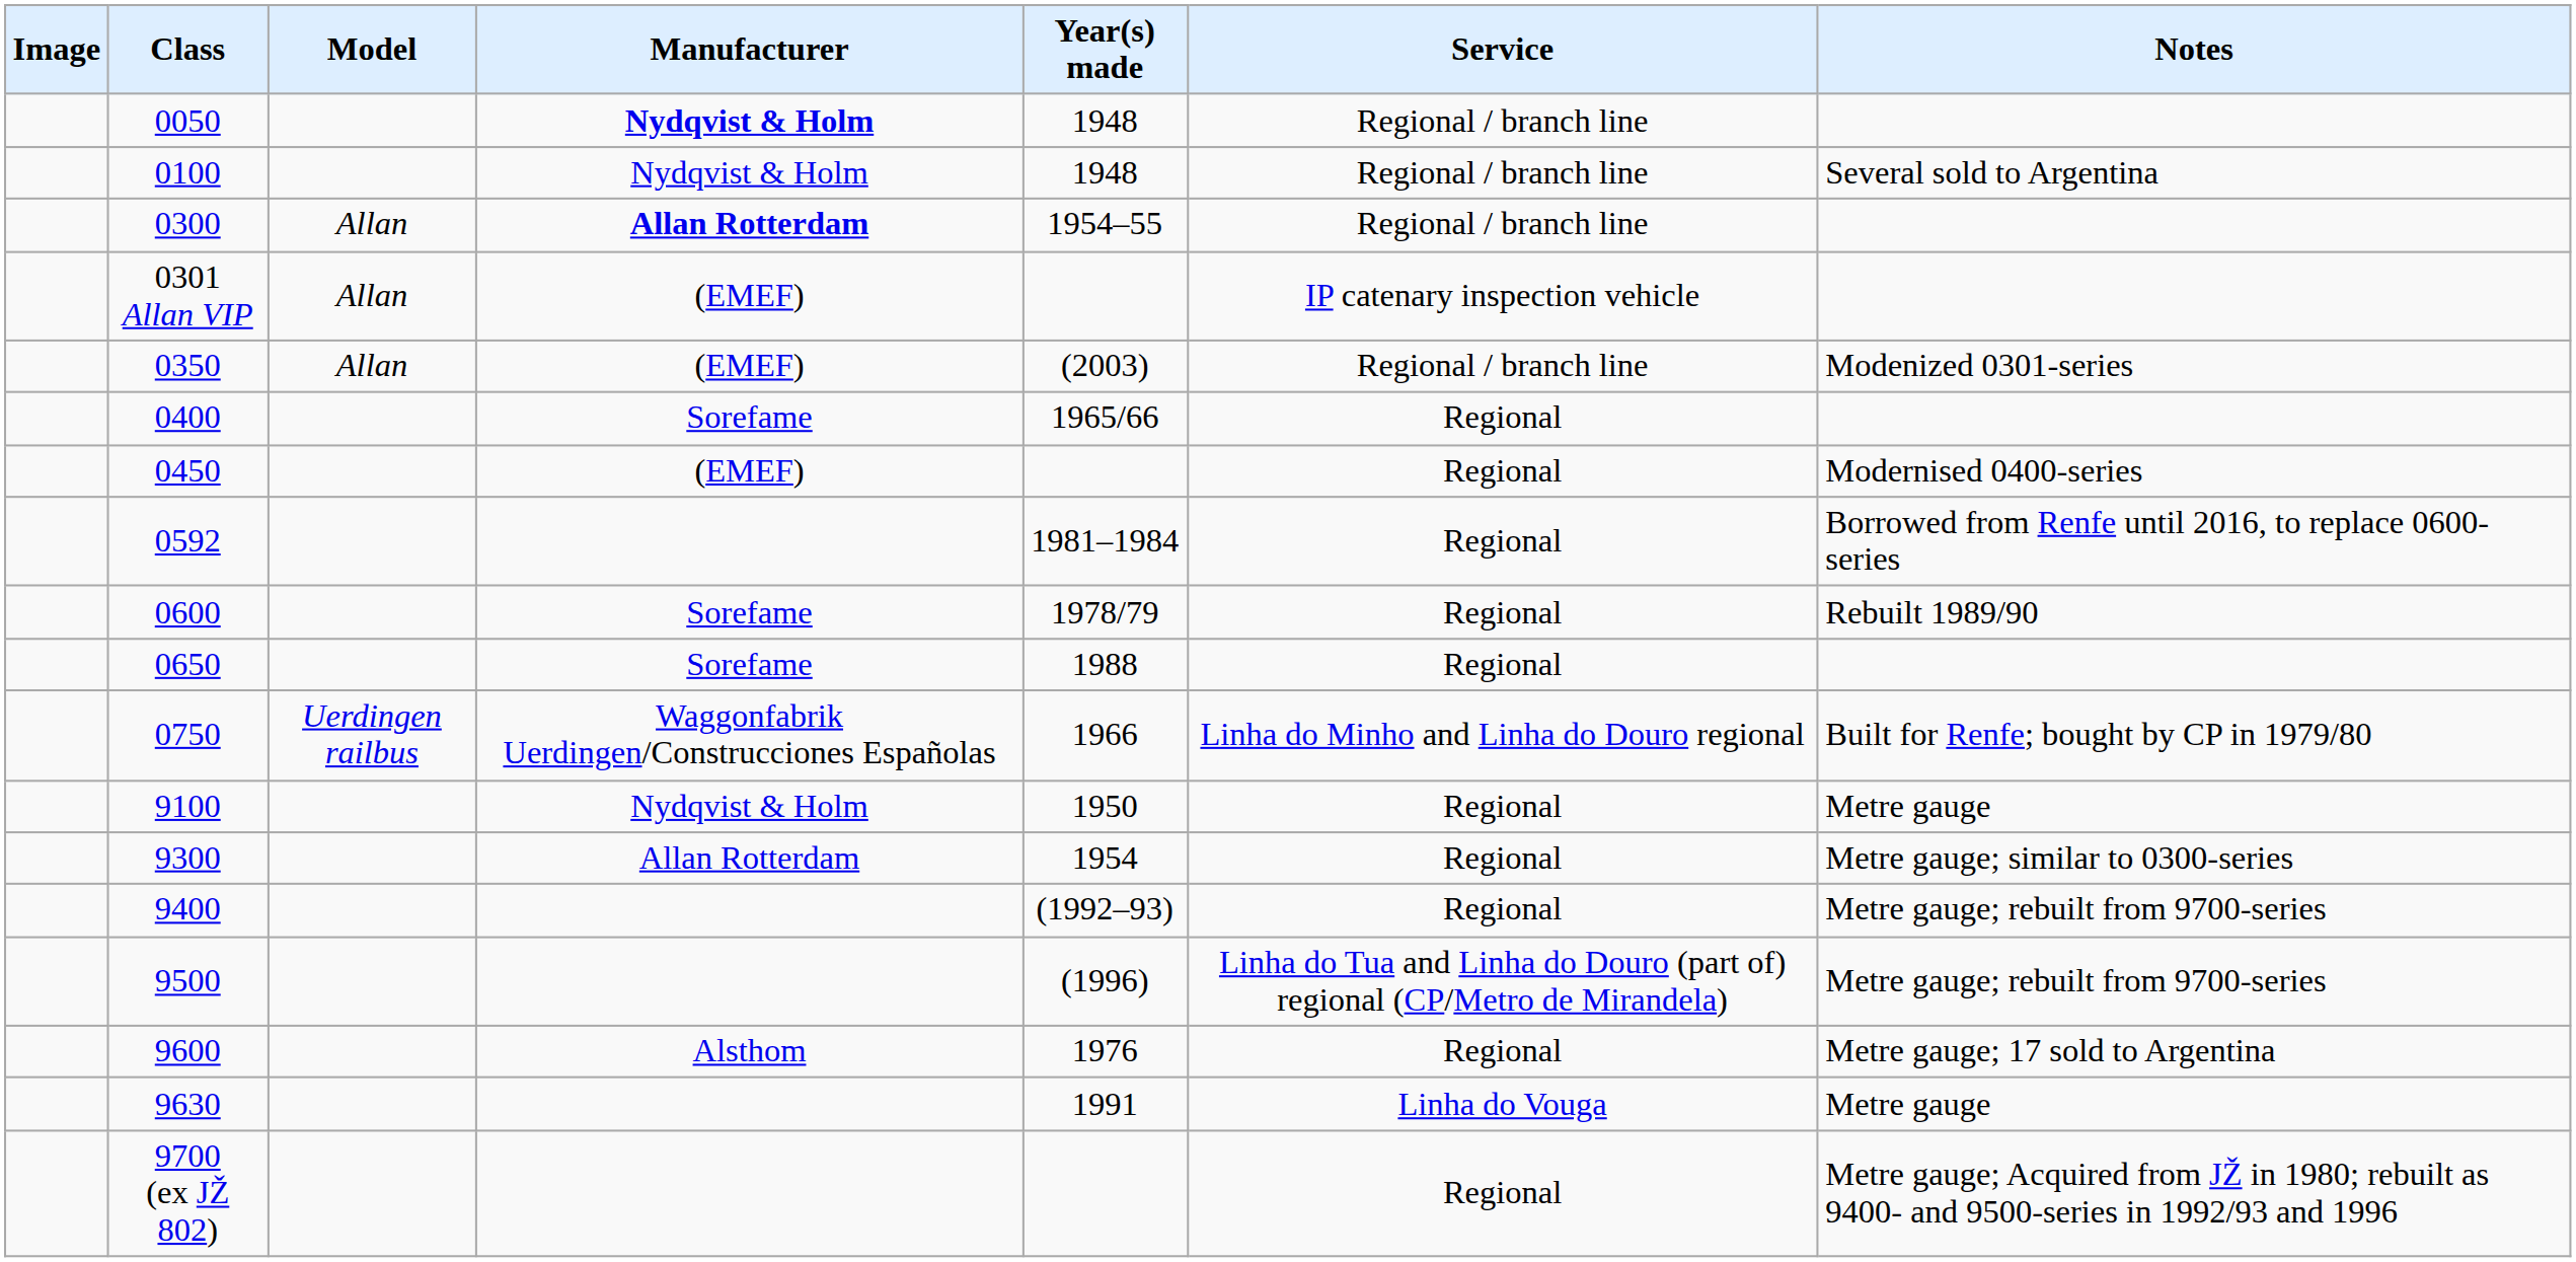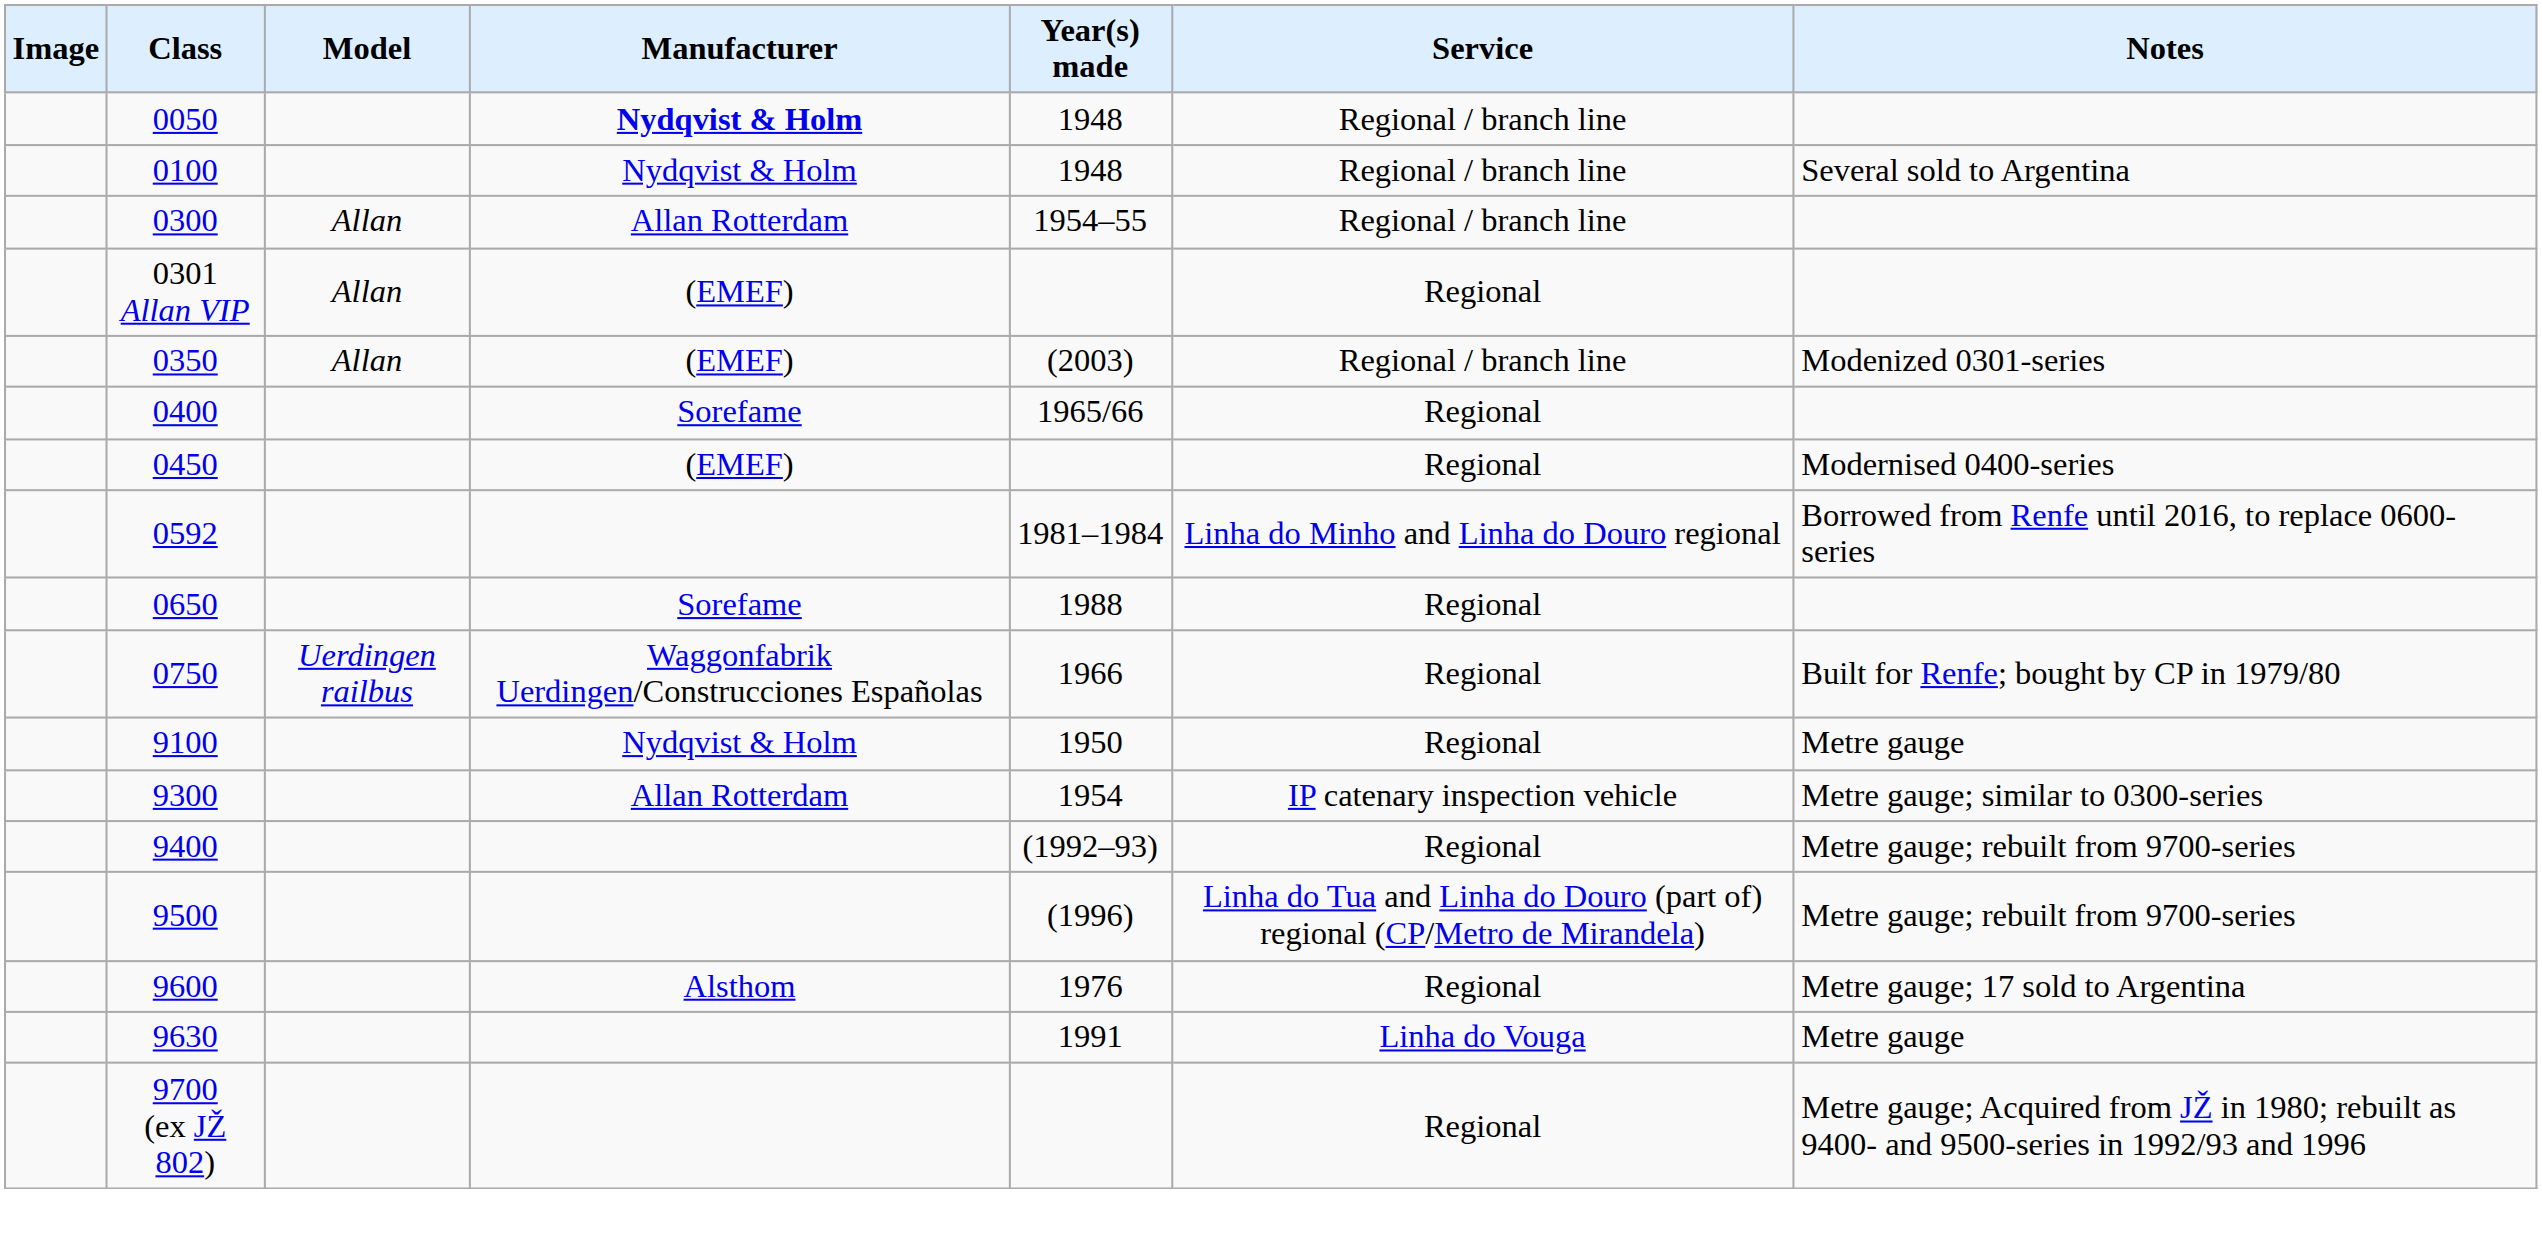 <table class="wikitable" style=text-align:center;>
 <tr style=colour:ddccee;>
 <th style=background-color:#def;>Image</th>
 <th style=background-color:#def;>Class</th>
 <th style=background-color:#def;>Model</th>
 <th style=background-color:#def;>Manufacturer</th>
 <th style=background-color:#def;>Year(s) made</th>
 <th style=background-color:#def;>Service</th>
 <th style=background-color:#def;>Notes</th>
 </tr>
 <tr>
 <td></td>
 <td><a href='#'>0050</a></td>
 <td></td>
 <td><strong><a href='#'>Nydqvist & Holm</a></strong></td>
 <td>1948</td>
 <td>Regional / branch line</td>
 <td align=left></td>
 </tr>
 <tr>
 <td></td>
 <td><a href='#'>0100</a></td>
 <td></td>
 <td><a href='#'>Nydqvist & Holm</a></td>
 <td>1948</td>
 <td>Regional / branch line</td>
 <td align=left>Several sold to Argentina</td>
 </tr>
 <tr>
 <td></td>
 <td><a href='#'>0300</a></td>
 <td><em>Allan</em></td>
-<td><strong><a href='#'>Allan Rotterdam</a></strong></td>
+<td><a href='#'>Allan Rotterdam</a></td>
 <td>1954–55</td>
 <td>Regional / branch line</td>
 <td align=left></td>
 </tr>
 <tr>
 <td></td>
 <td>0301 <em><a href='#'>Allan VIP</a></em></td>
 <td><em>Allan</em></td>
 <td>(<a href='#'>EMEF</a>)</td>
 <td></td>
-<td><a href='#'>IP</a> catenary inspection vehicle</td>
+<td>Regional</td>
 <td align=left></td>
 </tr>
 <tr>
 <td></td>
 <td><a href='#'>0350</a></td>
 <td><em>Allan</em></td>
 <td>(<a href='#'>EMEF</a>)</td>
 <td>(2003)</td>
 <td>Regional / branch line</td>
 <td align=left>Modenized 0301-series</td>
 </tr>
 <tr>
 <td></td>
 <td><a href='#'>0400</a></td>
 <td></td>
 <td><a href='#'>Sorefame</a></td>
 <td>1965/66</td>
 <td>Regional</td>
 <td align=left></td>
 </tr>
 <tr>
 <td></td>
 <td><a href='#'>0450</a></td>
 <td></td>
 <td>(<a href='#'>EMEF</a>)</td>
 <td></td>
 <td>Regional</td>
 <td align=left>Modernised 0400-series</td>
 </tr>
 <tr>
 <td></td>
 <td><a href='#'>0592</a></td>
 <td></td>
 <td></td>
 <td>1981–1984</td>
-<td>Regional</td>
+<td><a href='#'>Linha do Minho</a> and <a href='#'>Linha do Douro</a> regional</td>
 <td align=left>Borrowed from <a href='#'>Renfe</a> until 2016, to replace 0600-series</td>
-</tr>
-<tr>
-<td></td>
-<td><a href='#'>0600</a></td>
-<td></td>
-<td><a href='#'>Sorefame</a></td>
-<td>1978/79</td>
-<td>Regional</td>
-<td align=left>Rebuilt 1989/90</td>
 </tr>
 <tr>
 <td></td>
 <td><a href='#'>0650</a></td>
 <td></td>
 <td><a href='#'>Sorefame</a></td>
 <td>1988</td>
 <td>Regional</td>
 <td align=left></td>
 </tr>
 <tr>
 <td></td>
 <td><a href='#'>0750</a></td>
 <td><em><a href='#'>Uerdingen railbus</a></em></td>
 <td><a href='#'>Waggonfabrik Uerdingen</a>/Construcciones Españolas</td>
 <td>1966</td>
-<td><a href='#'>Linha do Minho</a> and <a href='#'>Linha do Douro</a> regional</td>
+<td>Regional</td>
 <td align=left>Built for <a href='#'>Renfe</a>; bought by CP in 1979/80</td>
 </tr>
 <tr>
 <td></td>
 <td><a href='#'>9100</a></td>
 <td></td>
 <td><a href='#'>Nydqvist & Holm</a></td>
 <td>1950</td>
 <td>Regional</td>
 <td align=left>Metre gauge</td>
 </tr>
 <tr>
 <td></td>
 <td><a href='#'>9300</a></td>
 <td></td>
 <td><a href='#'>Allan Rotterdam</a></td>
 <td>1954</td>
-<td>Regional</td>
+<td><a href='#'>IP</a> catenary inspection vehicle</td>
 <td align=left>Metre gauge; similar to 0300-series</td>
 </tr>
 <tr>
 <td></td>
 <td><a href='#'>9400</a></td>
 <td></td>
 <td></td>
 <td>(1992–93)</td>
 <td>Regional</td>
 <td align=left>Metre gauge; rebuilt from 9700-series</td>
 </tr>
 <tr>
 <td></td>
 <td><a href='#'>9500</a></td>
 <td></td>
 <td></td>
 <td>(1996)</td>
 <td><a href='#'>Linha do Tua</a> and <a href='#'>Linha do Douro</a> (part of) regional (<a href='#'>CP</a>/<a href='#'>Metro de Mirandela</a>)</td>
 <td align=left>Metre gauge; rebuilt from 9700-series</td>
 </tr>
 <tr>
 <td></td>
 <td><a href='#'>9600</a></td>
 <td></td>
 <td><a href='#'>Alsthom</a></td>
 <td>1976</td>
 <td>Regional</td>
 <td align=left>Metre gauge; 17 sold to Argentina</td>
 </tr>
 <tr>
 <td></td>
 <td><a href='#'>9630</a></td>
 <td></td>
 <td></td>
 <td>1991</td>
 <td><a href='#'>Linha do Vouga</a></td>
 <td align=left>Metre gauge</td>
 </tr>
 <tr>
 <td></td>
 <td><a href='#'>9700</a><br>(ex <a href='#'>JŽ 802</a>)</td>
 <td></td>
 <td></td>
 <td></td>
 <td>Regional</td>
 <td align=left>Metre gauge; Acquired from <a href='#'>JŽ</a> in 1980; rebuilt as 9400- and 9500-series in 1992/93 and 1996</td>
 </tr>
 </table>
